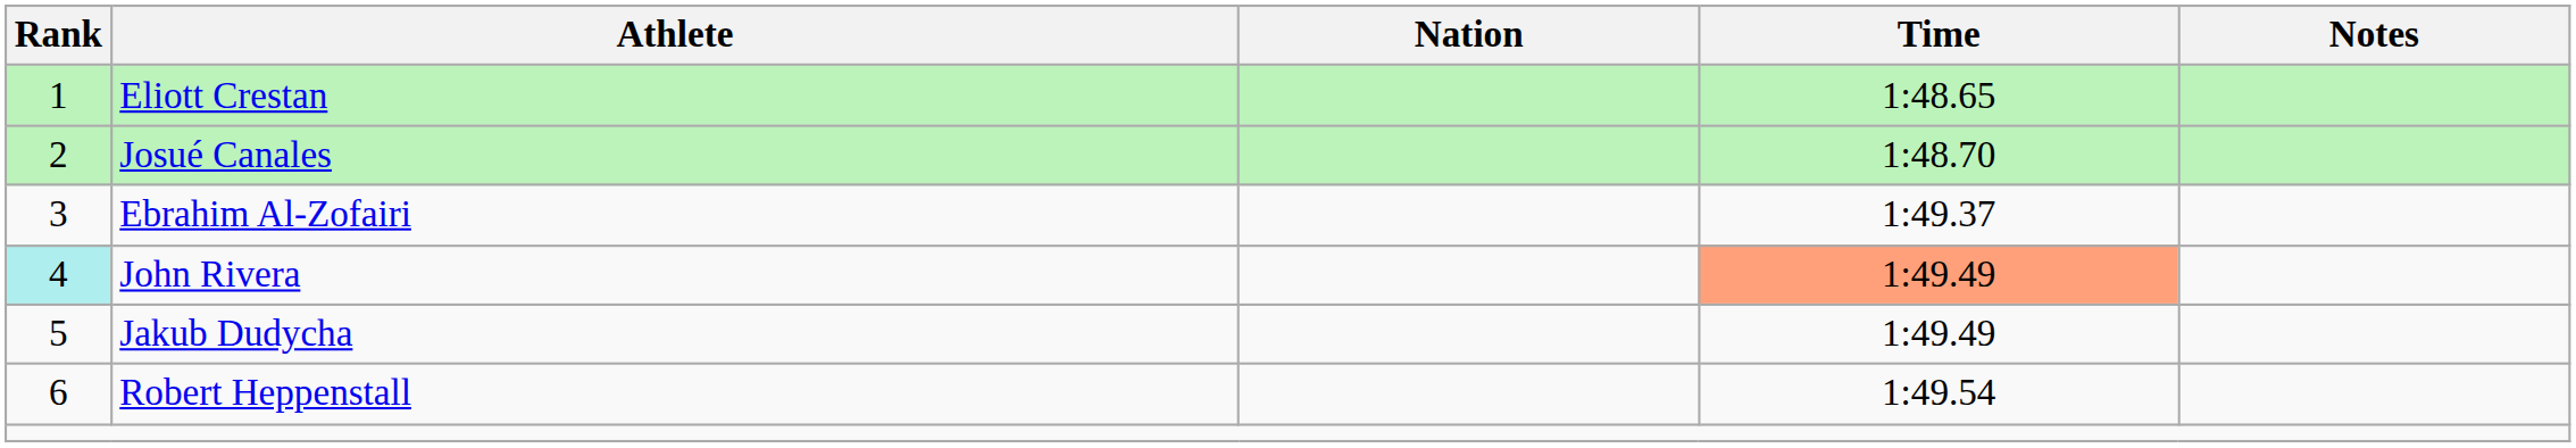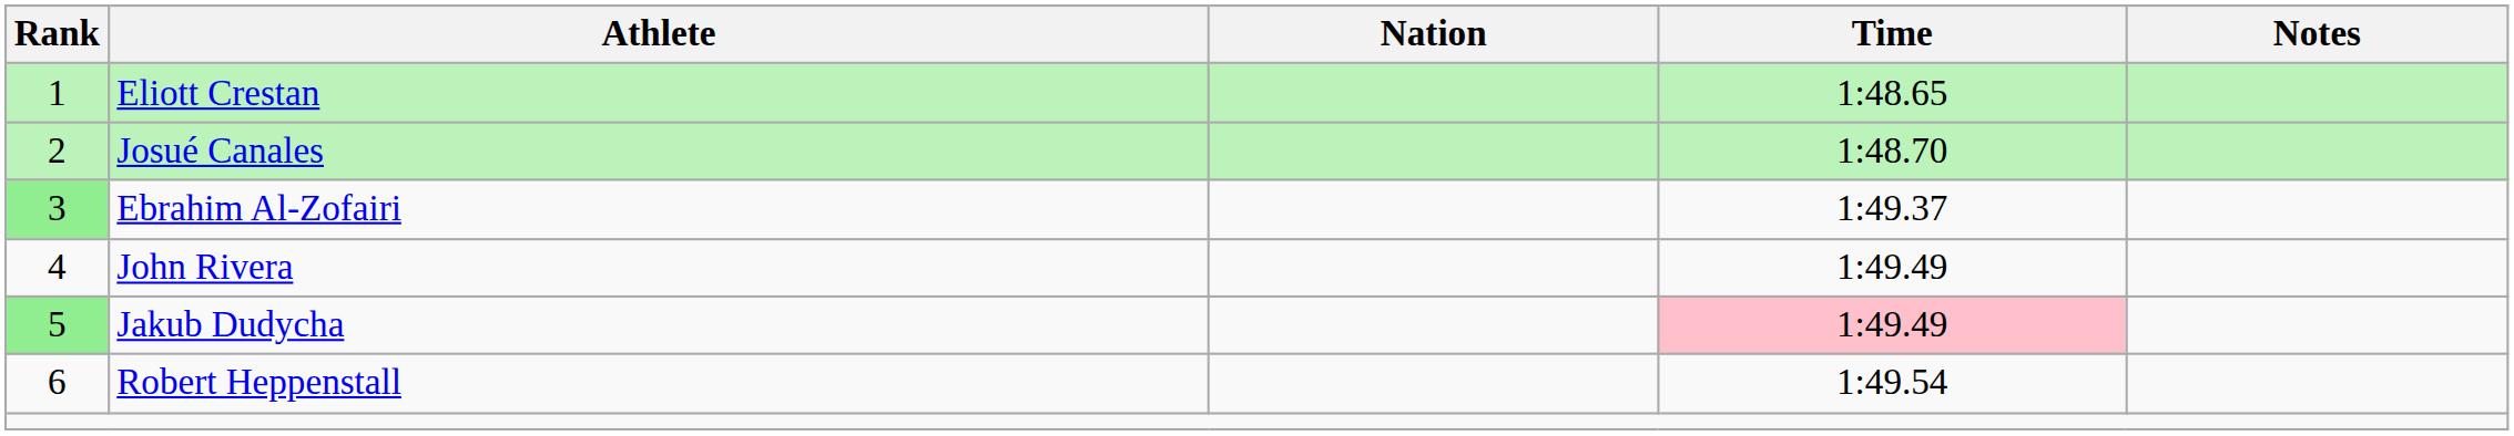 <table class="wikitable sortable" style="text-align:center;width: 55%;">
 <tr>
 <th scope="col" style="width: 10px;">Rank</th>
 <th scope="col">Athlete</th>
 <th scope="col">Nation</th>
 <th scope="col">Time</th>
 <th scope="col">Notes</th>
 </tr>
 <tr bgcolor=bbf3bb>
 <td>1</td>
 <td align=left><a href='#'>Eliott Crestan</a></td>
 <td align=left></td>
 <td>1:48.65</td>
 <td></td>
 </tr>
 <tr bgcolor=bbf3bb>
 <td>2</td>
 <td align=left><a href='#'>Josué Canales</a></td>
 <td align=left></td>
 <td>1:48.70</td>
 <td></td>
 </tr>
 <tr>
-<td>3</td>
+<td style="background: lightgreen;">3</td>
 <td align=left><a href='#'>Ebrahim Al-Zofairi</a></td>
 <td align=left></td>
 <td>1:49.37</td>
 <td></td>
 </tr>
 <tr>
-<td style="background: paleturquoise;">4</td>
+<td>4</td>
 <td align=left><a href='#'>John Rivera</a></td>
 <td align=left></td>
-<td style="background: lightsalmon;">1:49.49 </td>
+<td>1:49.49 </td>
 <td></td>
 </tr>
 <tr>
-<td>5</td>
+<td style="background: lightgreen;">5</td>
 <td align=left><a href='#'>Jakub Dudycha</a></td>
 <td align=left></td>
-<td>1:49.49 </td>
+<td style="background: pink;">1:49.49 </td>
 <td></td>
 </tr>
 <tr>
 <td>6</td>
 <td align=left><a href='#'>Robert Heppenstall</a></td>
 <td align=left></td>
 <td>1:49.54</td>
 <td></td>
 </tr>
 <tr class="sortbottom">
 <td colspan="5"></td>
 </tr>
 </table>
